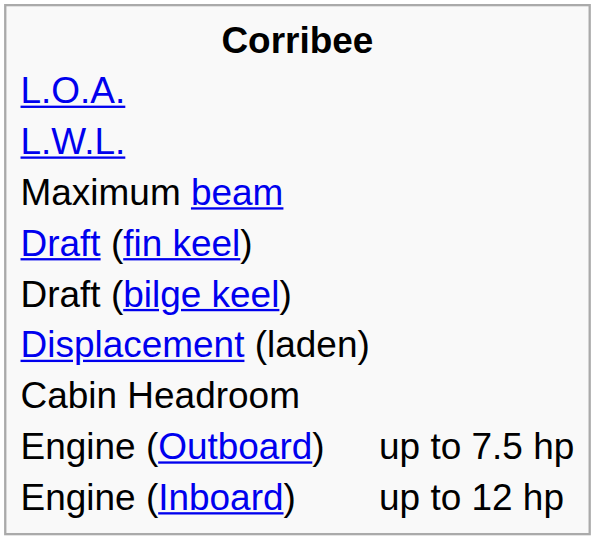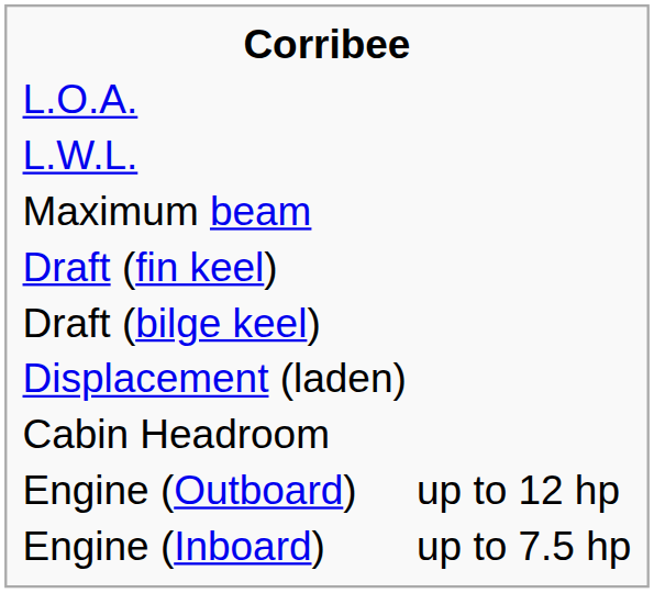 <table class=infobox>
 <tr>
 <td colspan=3 align=center><strong>Corribee</strong></td>
 </tr>
 <tr>
 <td><a href='#'>L.O.A.</a></td>
 <td></td>
 </tr>
 <tr>
 <td><a href='#'>L.W.L.</a></td>
 <td></td>
 </tr>
 <tr>
 <td>Maximum <a href='#'>beam</a></td>
 <td></td>
 </tr>
 <tr>
 <td><a href='#'>Draft</a> (<a href='#'>fin keel</a>)</td>
 <td></td>
 </tr>
 <tr>
 <td>Draft (<a href='#'>bilge keel</a>)</td>
 <td></td>
 </tr>
 <tr>
 <td><a href='#'>Displacement</a> (laden)</td>
 <td></td>
 </tr>
 <tr>
 <td>Cabin Headroom</td>
 <td></td>
 </tr>
 <tr>
 <td>Engine (<a href='#'>Outboard</a>)</td>
-<td>up to 7.5 hp</td>
+<td>up to 12 hp</td>
 </tr>
 <tr>
 <td>Engine (<a href='#'>Inboard</a>)</td>
-<td>up to 12 hp</td>
+<td>up to 7.5 hp</td>
 </tr>
 </table>
